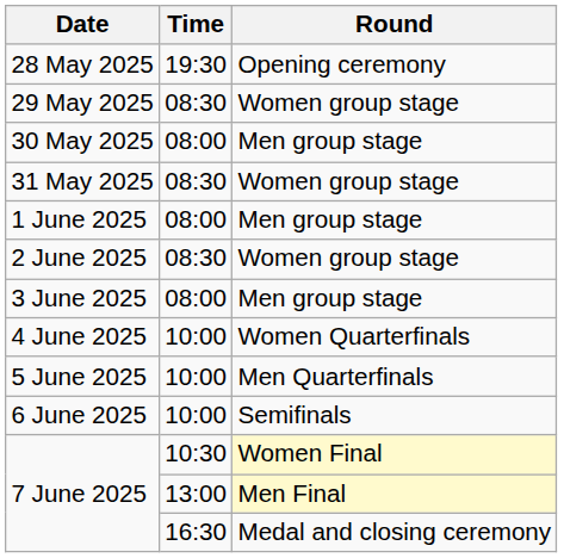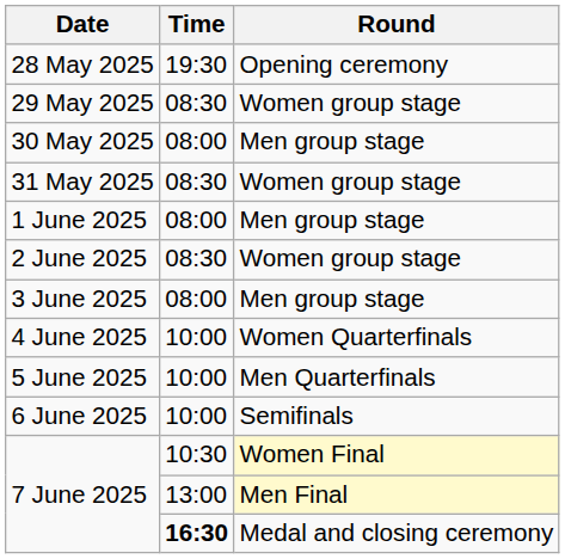 <table class="wikitable">
 <tr>
 <th>Date</th>
 <th>Time</th>
 <th>Round</th>
 </tr>
 <tr>
 <td>28 May 2025</td>
 <td>19:30</td>
 <td>Opening ceremony</td>
 </tr>
 <tr>
 <td>29 May 2025</td>
 <td>08:30</td>
 <td>Women group stage</td>
 </tr>
 <tr>
 <td>30 May 2025</td>
 <td>08:00</td>
 <td>Men group stage</td>
 </tr>
 <tr>
 <td>31 May 2025</td>
 <td>08:30</td>
 <td>Women group stage</td>
 </tr>
 <tr>
 <td>1 June 2025</td>
 <td>08:00</td>
 <td>Men group stage</td>
 </tr>
 <tr>
 <td>2 June 2025</td>
 <td>08:30</td>
 <td>Women group stage</td>
 </tr>
 <tr>
 <td>3 June 2025</td>
 <td>08:00</td>
 <td>Men group stage</td>
 </tr>
 <tr>
 <td>4 June 2025</td>
 <td>10:00</td>
 <td>Women Quarterfinals</td>
 </tr>
 <tr>
 <td>5 June 2025</td>
 <td>10:00</td>
 <td>Men Quarterfinals</td>
 </tr>
 <tr>
 <td>6 June 2025</td>
 <td>10:00</td>
 <td>Semifinals</td>
 </tr>
 <tr>
 <td rowspan=3>7 June 2025</td>
 <td>10:30</td>
 <td style="background:lemonchiffon">Women Final</td>
 </tr>
 <tr>
 <td>13:00</td>
 <td style="background:lemonchiffon">Men Final</td>
 </tr>
 <tr>
-<td>16:30</td>
+<td><strong>16:30</strong></td>
 <td>Medal and closing ceremony</td>
 </tr>
 </table>
